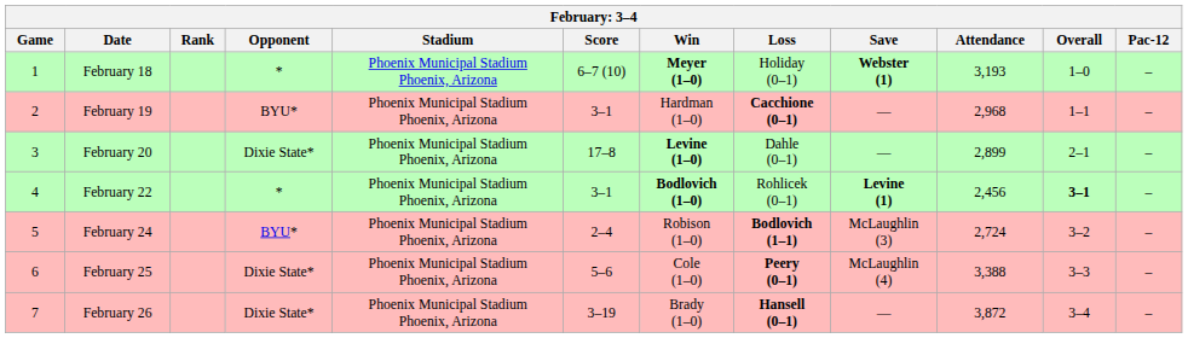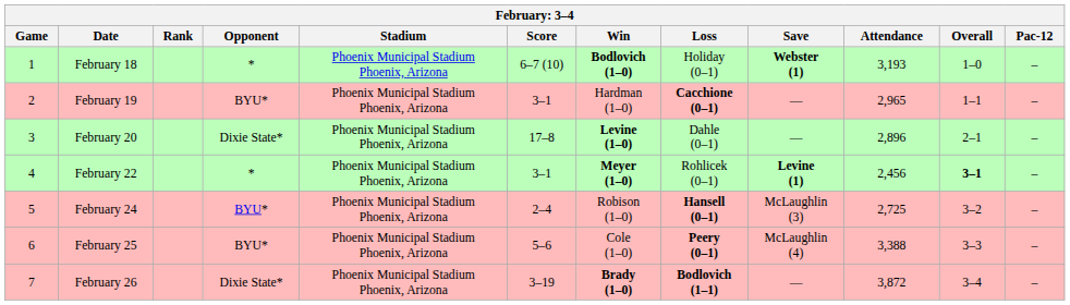 <table class="wikitable collapsible collapsed" style="margin:auto; width:100%; text-align:center; font-size:95%">
 <tr>
 <th colspan=12>February: 3–4</th>
 </tr>
 <tr>
 <th>Game</th>
 <th>Date</th>
 <th>Rank</th>
 <th>Opponent</th>
 <th>Stadium</th>
 <th>Score</th>
 <th>Win</th>
 <th>Loss</th>
 <th>Save</th>
 <th>Attendance</th>
 <th>Overall</th>
 <th>Pac-12</th>
 </tr>
 <tr style="background:#bfb;">
 <td>1</td>
 <td>February 18</td>
 <td></td>
 <td>*</td>
 <td><a href='#'>Phoenix Municipal Stadium</a><br><a href='#'>Phoenix, Arizona</a></td>
 <td>6–7 (10)</td>
-<td><strong>Meyer<br>(1–0)</strong></td>
+<td><strong>Bodlovich<br>(1–0)</strong></td>
 <td>Holiday<br>(0–1)</td>
 <td><strong>Webster<br>(1)</strong></td>
 <td>3,193</td>
 <td>1–0</td>
 <td>–</td>
 </tr>
 <tr style="background:#fbb;">
 <td>2</td>
 <td>February 19</td>
 <td></td>
 <td>BYU*</td>
 <td>Phoenix Municipal Stadium<br>Phoenix, Arizona</td>
 <td>3–1</td>
 <td>Hardman<br>(1–0)</td>
 <td><strong>Cacchione<br>(0–1)</strong></td>
 <td>—</td>
-<td>2,968</td>
+<td>2,965</td>
 <td>1–1</td>
 <td>–</td>
 </tr>
 <tr style="background:#bfb;">
 <td>3</td>
 <td>February 20</td>
 <td></td>
 <td>Dixie State*</td>
 <td>Phoenix Municipal Stadium<br>Phoenix, Arizona</td>
 <td>17–8</td>
 <td><strong>Levine<br>(1–0)</strong></td>
 <td>Dahle<br>(0–1)</td>
 <td>—</td>
-<td>2,899</td>
+<td>2,896</td>
 <td>2–1</td>
 <td>–</td>
 </tr>
 <tr style="background:#bfb;">
 <td>4</td>
 <td>February 22</td>
 <td></td>
 <td>*</td>
 <td>Phoenix Municipal Stadium<br>Phoenix, Arizona</td>
 <td>3–1</td>
-<td><strong>Bodlovich<br>(1–0)</strong></td>
+<td><strong>Meyer<br>(1–0)</strong></td>
 <td>Rohlicek<br>(0–1)</td>
 <td><strong>Levine<br>(1)</strong></td>
 <td>2,456</td>
 <td><strong>3–1</strong></td>
 <td>–</td>
 </tr>
 <tr style="background:#fbb;">
 <td>5</td>
 <td>February 24</td>
 <td></td>
 <td><a href='#'>BYU</a>*</td>
 <td>Phoenix Municipal Stadium<br>Phoenix, Arizona</td>
 <td>2–4</td>
 <td>Robison<br>(1–0)</td>
-<td><strong>Bodlovich<br>(1–1)</strong></td>
+<td><strong>Hansell<br>(0–1)</strong></td>
 <td>McLaughlin<br>(3)</td>
-<td>2,724</td>
+<td>2,725</td>
 <td>3–2</td>
 <td>–</td>
 </tr>
 <tr style="background:#fbb;">
 <td>6</td>
 <td>February 25</td>
 <td></td>
-<td>Dixie State*</td>
+<td>BYU*</td>
 <td>Phoenix Municipal Stadium<br>Phoenix, Arizona</td>
 <td>5–6</td>
 <td>Cole<br>(1–0)</td>
 <td><strong>Peery<br>(0–1)</strong></td>
 <td>McLaughlin<br>(4)</td>
 <td>3,388</td>
 <td>3–3</td>
 <td>–</td>
 </tr>
 <tr style="background:#fbb;">
 <td>7</td>
 <td>February 26</td>
 <td></td>
 <td>Dixie State*</td>
 <td>Phoenix Municipal Stadium<br>Phoenix, Arizona</td>
 <td>3–19</td>
-<td>Brady<br>(1–0)</td>
-<td><strong>Hansell<br>(0–1)</strong></td>
+<td><strong>Brady<br>(1–0)</strong></td>
+<td><strong>Bodlovich<br>(1–1)</strong></td>
 <td>—</td>
 <td>3,872</td>
 <td>3–4</td>
 <td>–</td>
 </tr>
 </table>
